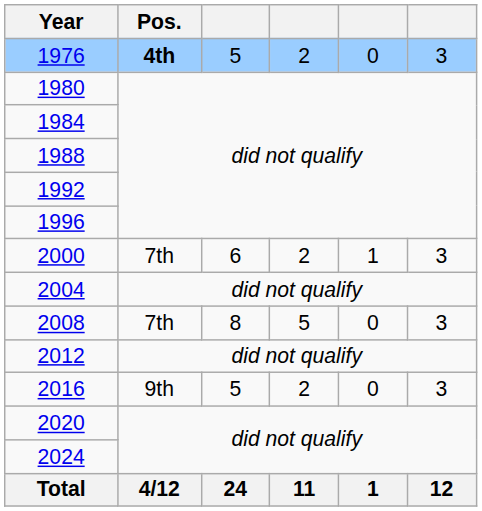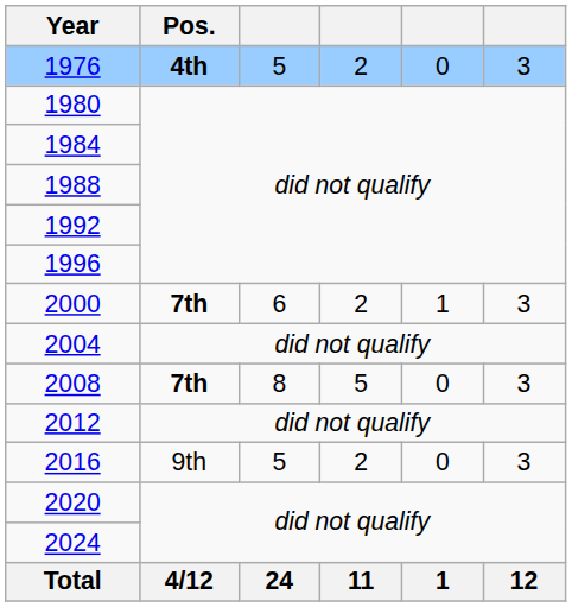 <table class="wikitable" style="text-align: center;font-size:90%;">
 <tr>
 <th width=70>Year</th>
 <th width=50>Pos.</th>
 <th width=40></th>
 <th width=40></th>
 <th width=40></th>
 <th width=40></th>
 </tr>
 <tr style="background:#9acdff;">
 <td> <a href='#'>1976</a></td>
 <td><strong>4th</strong></td>
 <td>5</td>
 <td>2</td>
 <td>0</td>
 <td>3</td>
 </tr>
 <tr>
 <td> <a href='#'>1980</a></td>
 <td rowspan=5 colspan=5><em>did not qualify</em></td>
 </tr>
 <tr>
 <td> <a href='#'>1984</a></td>
 </tr>
 <tr>
 <td> <a href='#'>1988</a></td>
 </tr>
 <tr>
 <td> <a href='#'>1992</a></td>
 </tr>
 <tr>
 <td> <a href='#'>1996</a></td>
 </tr>
 <tr>
 <td> <a href='#'>2000</a></td>
-<td>7th</td>
+<td><strong>7th</strong></td>
 <td>6</td>
 <td>2</td>
 <td>1</td>
 <td>3</td>
 </tr>
 <tr>
 <td> <a href='#'>2004</a></td>
 <td colspan=5><em>did not qualify</em></td>
 </tr>
 <tr>
 <td> <a href='#'>2008</a></td>
-<td>7th</td>
+<td><strong>7th</strong></td>
 <td>8</td>
 <td>5</td>
 <td>0</td>
 <td>3</td>
 </tr>
 <tr>
 <td> <a href='#'>2012</a></td>
 <td colspan=5><em>did not qualify</em></td>
 </tr>
 <tr>
 <td> <a href='#'>2016</a></td>
 <td>9th</td>
 <td>5</td>
 <td>2</td>
 <td>0</td>
 <td>3</td>
 </tr>
 <tr>
 <td> <a href='#'>2020</a></td>
 <td colspan=5 rowspan=2><em>did not qualify</em></td>
 </tr>
 <tr>
 <td> <a href='#'>2024</a></td>
 </tr>
 <tr>
 <th>Total</th>
 <th>4/12</th>
 <th>24</th>
 <th>11</th>
 <th>1</th>
 <th>12</th>
 </tr>
 </table>
